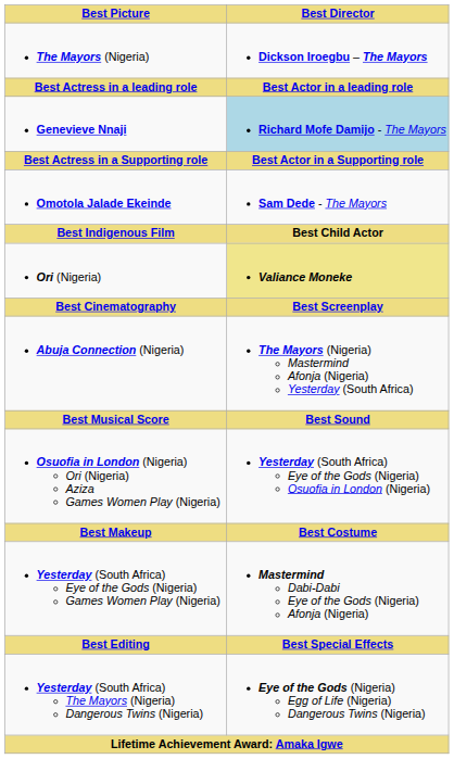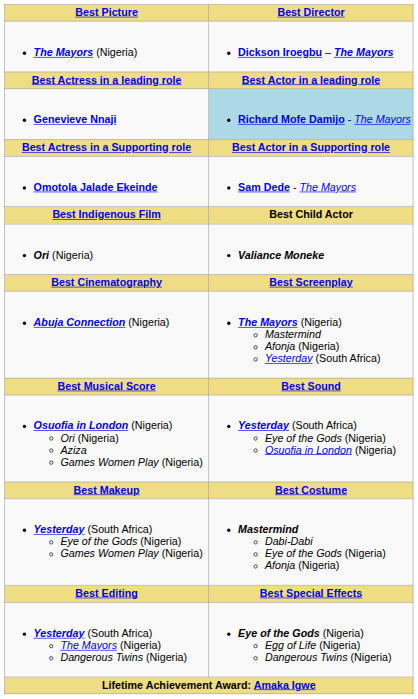 <table class=wikitable>
 <tr>
 <th style="background:#EEDD82;" width=50%><a href='#'>Best Picture</a></th>
 <th style="background:#EEDD82;" width=50%><a href='#'>Best Director</a></th>
 </tr>
 <tr>
 <td valign="top"><br><ul><li><strong><em><a href='#'>The Mayors</a></em></strong> (Nigeria)</li></ul></td>
 <td valign="top"><br><ul><li><strong><a href='#'>Dickson Iroegbu</a></strong> – <strong><em><a href='#'>The Mayors</a></em></strong></li></ul></td>
 </tr>
 <tr>
 <th style="background:#EEDD82;"><a href='#'>Best Actress in a leading role</a></th>
 <th style="background:#EEDD82;"><a href='#'>Best Actor in a leading role</a></th>
 </tr>
 <tr>
 <td valign="top"><br><ul><li><strong><a href='#'>Genevieve Nnaji</a></strong></li></ul></td>
 <td valign="top" style="background: lightblue;"><br><ul><li><strong><a href='#'>Richard Mofe Damijo</a></strong> - <em><a href='#'>The Mayors</a></em></li></ul></td>
 </tr>
 <tr>
 <th style="background:#EEDD82;"><a href='#'>Best Actress in a Supporting role</a></th>
 <th style="background:#EEDD82;"><a href='#'>Best Actor in a Supporting role</a></th>
 </tr>
 <tr>
 <td valign="top"><br><ul><li><strong><a href='#'>Omotola Jalade Ekeinde</a></strong></li></ul></td>
 <td valign="top"><br><ul><li><strong><a href='#'>Sam Dede</a></strong> - <em><a href='#'>The Mayors</a></em></li></ul></td>
 </tr>
 <tr>
 <th style="background:#EEDD82;"><a href='#'>Best Indigenous Film</a></th>
 <th style="background:#EEDD82;">Best Child Actor</th>
 </tr>
 <tr>
 <td valign="top"><br><ul><li><strong><em>Ori</em></strong> (Nigeria)</li></ul></td>
-<td valign="top" style="background: khaki;"><br><ul><li><strong><em>Valiance Moneke</em></strong></li></ul></td>
+<td valign="top"><br><ul><li><strong><em>Valiance Moneke</em></strong></li></ul></td>
 </tr>
 <tr>
 <th style="background:#EEDD82;" width=50%><a href='#'>Best Cinematography</a></th>
 <th style="background:#EEDD82;" width=50%><a href='#'>Best Screenplay</a></th>
 </tr>
 <tr>
 <td valign="top"><br><ul><li><strong><em><a href='#'>Abuja Connection</a></em></strong> (Nigeria)</li></ul></td>
 <td valign="top"><br><ul><li><strong><em><a href='#'>The Mayors</a></em></strong> (Nigeria)<ul><li><em>Mastermind</em></li><li><em>Afonja</em> (Nigeria)</li><li><em><a href='#'>Yesterday</a></em> (South Africa)</li></ul></li></ul></td>
 </tr>
 <tr>
 <th style="background:#EEDD82;"><a href='#'>Best Musical Score</a></th>
 <th style="background:#EEDD82;"><a href='#'>Best Sound</a></th>
 </tr>
 <tr>
 <td valign="top"><br><ul><li><strong><em><a href='#'>Osuofia in London</a></em></strong> (Nigeria)<ul><li><em>Ori</em> (Nigeria)</li><li><em>Aziza</em></li><li><em>Games Women Play</em> (Nigeria)</li></ul></li></ul></td>
 <td valign="top"><br><ul><li><strong><em><a href='#'>Yesterday</a></em></strong> (South Africa)<ul><li><em>Eye of the Gods</em> (Nigeria)</li><li><em><a href='#'>Osuofia in London</a></em> (Nigeria)</li></ul></li></ul></td>
 </tr>
 <tr>
 <th style="background:#EEDD82;"><a href='#'>Best Makeup</a></th>
 <th style="background:#EEDD82;"><a href='#'>Best Costume</a></th>
 </tr>
 <tr>
 <td valign="top"><br><ul><li><strong><em><a href='#'>Yesterday</a></em></strong> (South Africa)<ul><li><em>Eye of the Gods</em> (Nigeria)</li><li><em>Games Women Play</em> (Nigeria)</li></ul></li></ul></td>
 <td valign="top"><br><ul><li><strong><em>Mastermind</em></strong><ul><li><em>Dabi-Dabi</em></li><li><em>Eye of the Gods</em> (Nigeria)</li><li><em>Afonja</em> (Nigeria)</li></ul></li></ul></td>
 </tr>
 <tr>
 <th style="background:#EEDD82;"><a href='#'>Best Editing</a></th>
 <th style="background:#EEDD82;"><a href='#'>Best Special Effects</a></th>
 </tr>
 <tr>
 <td valign="top"><br><ul><li><strong><em><a href='#'>Yesterday</a></em></strong> (South Africa)<ul><li><em><a href='#'>The Mayors</a></em> (Nigeria)</li><li><em>Dangerous Twins</em> (Nigeria)</li></ul></li></ul></td>
 <td valign="top"><br><ul><li><strong><em>Eye of the Gods</em></strong> (Nigeria)<ul><li><em>Egg of Life</em> (Nigeria)</li><li><em>Dangerous Twins</em> (Nigeria)</li></ul></li></ul></td>
 </tr>
 <tr>
 <th align="center" colspan="7" style="background:#EEDD82; width:90%">Lifetime Achievement Award: <a href='#'>Amaka Igwe</a></th>
 </tr>
 </table>
